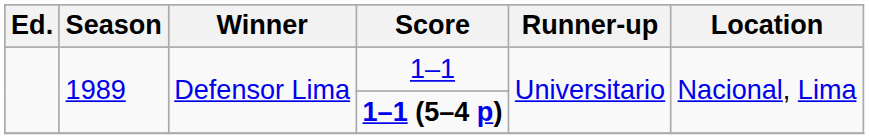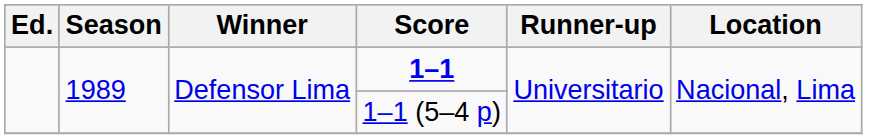 <table class="sortable plainrowheaders wikitable">
 <tr>
 <th width=px>Ed.</th>
 <th scope=col>Season</th>
 <th scope=col>Winner</th>
 <th scope=col>Score</th>
 <th scope=col>Runner-up</th>
 <th scope=col>Location</th>
 </tr>
 <tr>
 <td rowspan=2></td>
 <td rowspan=2><a href='#'>1989</a></td>
 <td rowspan=2><a href='#'>Defensor Lima</a></td>
-<td align=center><a href='#'>1–1</a></td>
+<td align=center><strong><a href='#'>1–1</a></strong></td>
 <td rowspan=2><a href='#'>Universitario</a></td>
 <td rowspan=2><a href='#'>Nacional</a>, <a href='#'>Lima</a></td>
 </tr>
 <tr>
-<td align=center><strong><a href='#'>1–1</a> (5–4 <a href='#'>p</a>)</strong></td>
+<td align=center><a href='#'>1–1</a> (5–4 <a href='#'>p</a>)</td>
 </tr>
 <tr>
 </tr>
 </table>
